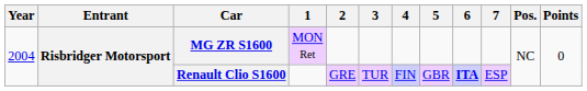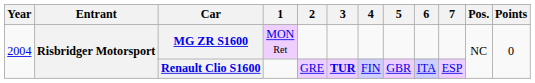 <table class="wikitable" border="1" style="text-align:center; font-size:90%;">
 <tr>
 <th>Year</th>
 <th>Entrant</th>
 <th>Car</th>
 <th>1</th>
 <th>2</th>
 <th>3</th>
 <th>4</th>
 <th>5</th>
 <th>6</th>
 <th>7</th>
 <th>Pos.</th>
 <th>Points</th>
 </tr>
 <tr>
 <td rowspan=2><a href='#'>2004</a></td>
 <th rowspan=2>Risbridger Motorsport</th>
 <th><a href='#'>MG ZR S1600</a></th>
 <td style="background:#EFCFFF;"><a href='#'>MON</a><br><small>Ret</small></td>
 <td></td>
 <td></td>
 <td></td>
 <td></td>
 <td></td>
 <td></td>
 <td rowspan=2>NC</td>
 <td rowspan=2>0</td>
 </tr>
 <tr>
 <th><a href='#'>Renault Clio S1600</a></th>
 <td></td>
 <td style="background:#EFCFFF;"><a href='#'>GRE</a><br></td>
-<td style="background:#EFCFFF;"><a href='#'>TUR</a><br></td>
+<td style="background:#EFCFFF;"><strong><a href='#'>TUR</a><br></strong></td>
 <td style="background:#cfcfff;"><a href='#'>FIN</a><br></td>
 <td style="background:#EFCFFF;"><a href='#'>GBR</a><br></td>
-<td style="background:#cfcfff;"><strong><a href='#'>ITA</a><br></strong></td>
+<td style="background:#cfcfff;"><a href='#'>ITA</a><br></td>
 <td style="background:#EFCFFF;"><a href='#'>ESP</a><br></td>
 </tr>
 </table>
